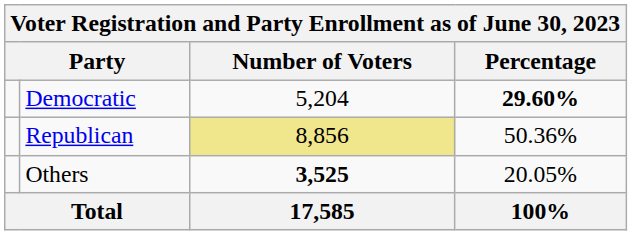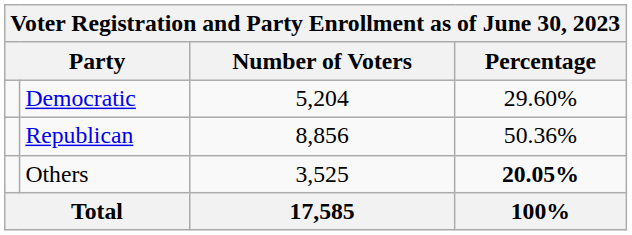 <table class=wikitable>
 <tr>
 <th colspan = 6>Voter Registration and Party Enrollment as of June 30, 2023</th>
 </tr>
 <tr>
 <th colspan = 2>Party</th>
 <th>Number of Voters</th>
 <th>Percentage</th>
 </tr>
 <tr>
 <td></td>
 <td><a href='#'>Democratic</a></td>
 <td align = center>5,204</td>
-<td align = center><strong>29.60%</strong></td>
+<td align = center>29.60%</td>
 </tr>
 <tr>
 <td></td>
 <td><a href='#'>Republican</a></td>
-<td align = center style="background: khaki;">8,856</td>
+<td align = center>8,856</td>
 <td align = center>50.36%</td>
 </tr>
 <tr>
 <td></td>
 <td>Others</td>
-<td align = center><strong>3,525</strong></td>
-<td align = center>20.05%</td>
+<td align = center>3,525</td>
+<td align = center><strong>20.05%</strong></td>
 </tr>
 <tr>
 <th colspan = 2>Total</th>
 <th align = center>17,585</th>
 <th align = center>100%</th>
 </tr>
 </table>
